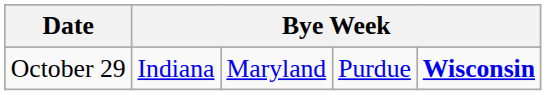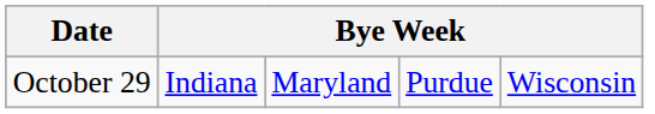 <table class="wikitable" style="font-size:95%;">
 <tr>
 <th>Date</th>
 <th colspan="4">Bye Week</th>
 </tr>
 <tr>
 <td>October 29</td>
 <td><a href='#'>Indiana</a></td>
 <td><a href='#'>Maryland</a></td>
 <td><a href='#'>Purdue</a></td>
-<td><strong><a href='#'>Wisconsin</a></strong></td>
+<td><a href='#'>Wisconsin</a></td>
 </tr>
 </table>
